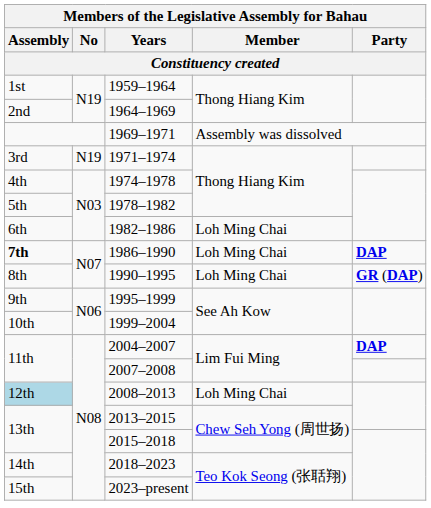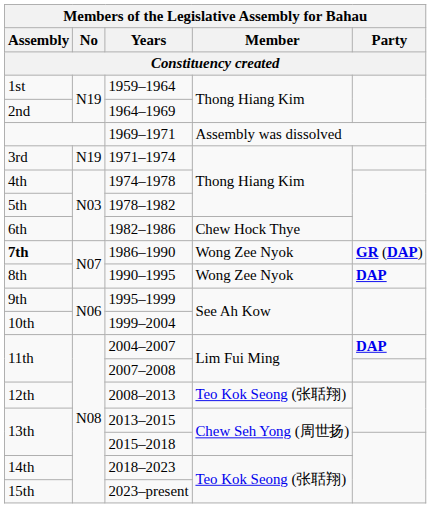 <table class=wikitable>
 <tr>
 <th colspan=5>Members of the Legislative Assembly for Bahau</th>
 </tr>
 <tr>
 <th>Assembly</th>
 <th>No</th>
 <th>Years</th>
 <th>Member</th>
 <th>Party</th>
 </tr>
 <tr>
 <th colspan=5 align=center><em>Constituency created</em></th>
 </tr>
 <tr>
 <td>1st</td>
 <td rowspan=2>N19</td>
 <td>1959–1964</td>
 <td rowspan="2">Thong Hiang Kim</td>
 <td rowspan="2"></td>
 </tr>
 <tr>
 <td>2nd</td>
 <td>1964–1969</td>
 </tr>
 <tr>
 <td colspan=2></td>
 <td>1969–1971</td>
 <td colspan=3>Assembly was dissolved</td>
 </tr>
 <tr>
 <td>3rd</td>
 <td>N19</td>
 <td>1971–1974</td>
 <td rowspan="3">Thong Hiang Kim</td>
 <td></td>
 </tr>
 <tr>
 <td>4th</td>
 <td rowspan=3>N03</td>
 <td>1974–1978</td>
 <td rowspan="3"></td>
 </tr>
 <tr>
 <td>5th</td>
 <td>1978–1982</td>
 </tr>
 <tr>
 <td>6th</td>
 <td>1982–1986</td>
-<td>Loh Ming Chai</td>
+<td>Chew Hock Thye</td>
 </tr>
 <tr>
 <td><strong>7th</strong></td>
 <td rowspan=2>N07</td>
 <td>1986–1990</td>
-<td>Loh Ming Chai</td>
-<td><strong><a href='#'>DAP</a></strong></td>
+<td>Wong Zee Nyok</td>
+<td><strong><a href='#'>GR</a></strong> (<strong><a href='#'>DAP</a></strong>)</td>
 </tr>
 <tr>
 <td>8th</td>
 <td>1990–1995</td>
-<td>Loh Ming Chai</td>
-<td><strong><a href='#'>GR</a></strong> (<strong><a href='#'>DAP</a></strong>)</td>
+<td>Wong Zee Nyok</td>
+<td><strong><a href='#'>DAP</a></strong></td>
 </tr>
 <tr>
 <td>9th</td>
 <td rowspan=2>N06</td>
 <td>1995–1999</td>
 <td rowspan="2">See Ah Kow</td>
 <td rowspan="2"></td>
 </tr>
 <tr>
 <td>10th</td>
 <td>1999–2004</td>
 </tr>
 <tr>
 <td rowspan=2>11th</td>
 <td rowspan=7>N08</td>
 <td>2004–2007</td>
 <td rowspan=2>Lim Fui Ming</td>
 <td><strong><a href='#'>DAP</a></strong></td>
 </tr>
 <tr>
 <td>2007–2008</td>
 <td></td>
 </tr>
 <tr>
-<td style="background: lightblue;">12th</td>
+<td>12th</td>
 <td>2008–2013</td>
-<td>Loh Ming Chai</td>
+<td><a href='#'>Teo Kok Seong</a> (张聒翔)</td>
 <td rowspan=2></td>
 </tr>
 <tr>
 <td rowspan=2>13th</td>
 <td>2013–2015</td>
 <td rowspan=2><a href='#'>Chew Seh Yong</a> (周世扬)</td>
 </tr>
 <tr>
 <td>2015–2018</td>
 <td rowspan=3></td>
 </tr>
 <tr>
 <td>14th</td>
 <td>2018–2023</td>
 <td rowspan="2"><a href='#'>Teo Kok Seong</a> (张聒翔)</td>
 </tr>
 <tr>
 <td>15th</td>
 <td>2023–present</td>
 </tr>
 </table>
